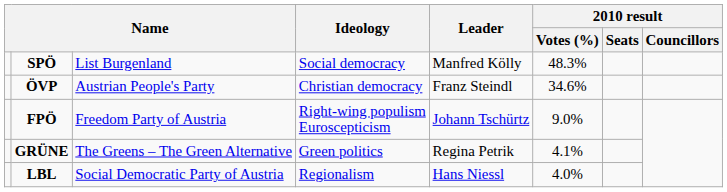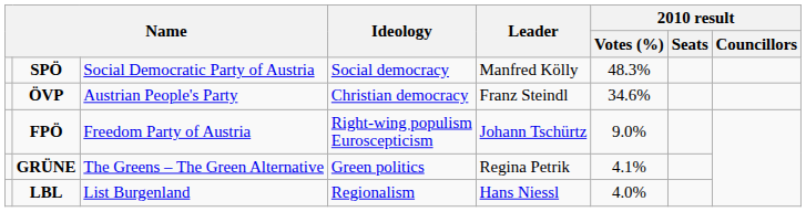 <table class="wikitable">
 <tr>
 <th rowspan="2" colspan="3">Name</th>
 <th rowspan="2">Ideology</th>
 <th rowspan="2">Leader</th>
 <th colspan="3">2010 result</th>
 </tr>
 <tr>
 <th>Votes (%)</th>
 <th>Seats</th>
 <th>Councillors</th>
 </tr>
 <tr>
 <td style="background:"></td>
 <td style="text-align:center;"><strong>SPÖ</strong></td>
-<td><a href='#'>List Burgenland</a><br></td>
+<td><a href='#'>Social Democratic Party of Austria</a><br></td>
 <td><a href='#'>Social democracy</a></td>
 <td>Manfred Kölly</td>
 <td style="text-align:center;">48.3%</td>
 <td></td>
 <td></td>
 </tr>
 <tr>
 <td style="background:"></td>
 <td style="text-align:center;"><strong>ÖVP</strong></td>
 <td><a href='#'>Austrian People's Party</a><br></td>
 <td><a href='#'>Christian democracy</a></td>
 <td>Franz Steindl</td>
 <td style="text-align:center;">34.6%</td>
 <td></td>
 <td></td>
 </tr>
 <tr>
 <td style="background:"></td>
 <td style="text-align:center;"><strong>FPÖ</strong></td>
 <td><a href='#'>Freedom Party of Austria</a><br></td>
 <td><a href='#'>Right-wing populism</a><br><a href='#'>Euroscepticism</a></td>
 <td><a href='#'>Johann Tschürtz</a></td>
 <td style="text-align:center;">9.0%</td>
 <td></td>
 </tr>
 <tr>
 <td style="background:"></td>
 <td style="text-align:center;"><strong>GRÜNE</strong></td>
 <td><a href='#'>The Greens – The Green Alternative</a><br></td>
 <td><a href='#'>Green politics</a></td>
 <td>Regina Petrik</td>
 <td style="text-align:center;">4.1%</td>
 <td></td>
 </tr>
 <tr>
 <td style="background:"></td>
 <td style="text-align:center;"><strong>LBL</strong></td>
-<td><a href='#'>Social Democratic Party of Austria</a><br></td>
+<td><a href='#'>List Burgenland</a><br></td>
 <td><a href='#'>Regionalism</a></td>
 <td><a href='#'>Hans Niessl</a></td>
 <td style="text-align:center;">4.0%</td>
 <td></td>
 </tr>
 </table>
